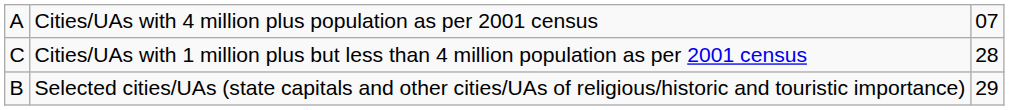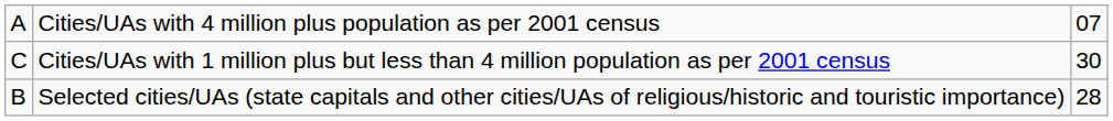 <table class="wikitable">
 <tr>
 <td>A</td>
 <td>Cities/UAs with 4 million plus population as per 2001 census</td>
 <td>07</td>
 </tr>
 <tr>
 <td>C</td>
 <td>Cities/UAs with 1 million plus but less than 4 million population as per <a href='#'>2001 census</a></td>
-<td>28</td>
+<td>30</td>
 </tr>
 <tr>
 <td>B</td>
 <td>Selected cities/UAs (state capitals and other cities/UAs of religious/historic and touristic importance)</td>
-<td>29</td>
+<td>28</td>
 </tr>
 </table>
